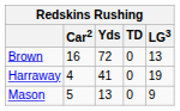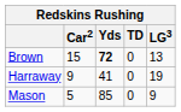 <table class="wikitable">
 <tr>
 <th colspan="5">Redskins Rushing</th>
 </tr>
 <tr>
 <th></th>
 <th>Car<sup>2</sup></th>
 <th>Yds</th>
 <th>TD</th>
 <th>LG<sup>3</sup></th>
 </tr>
 <tr>
 <td><a href='#'>Brown</a></td>
-<td>16</td>
-<td>72</td>
+<td>15</td>
+<td><strong>72</strong></td>
 <td>0</td>
 <td>13</td>
 </tr>
 <tr>
 <td><a href='#'>Harraway</a></td>
-<td>4</td>
+<td>9</td>
 <td>41</td>
 <td>0</td>
 <td>19</td>
 </tr>
 <tr>
 <td><a href='#'>Mason</a></td>
 <td>5</td>
-<td>13</td>
+<td>85</td>
 <td>0</td>
 <td>9</td>
 </tr>
 </table>
